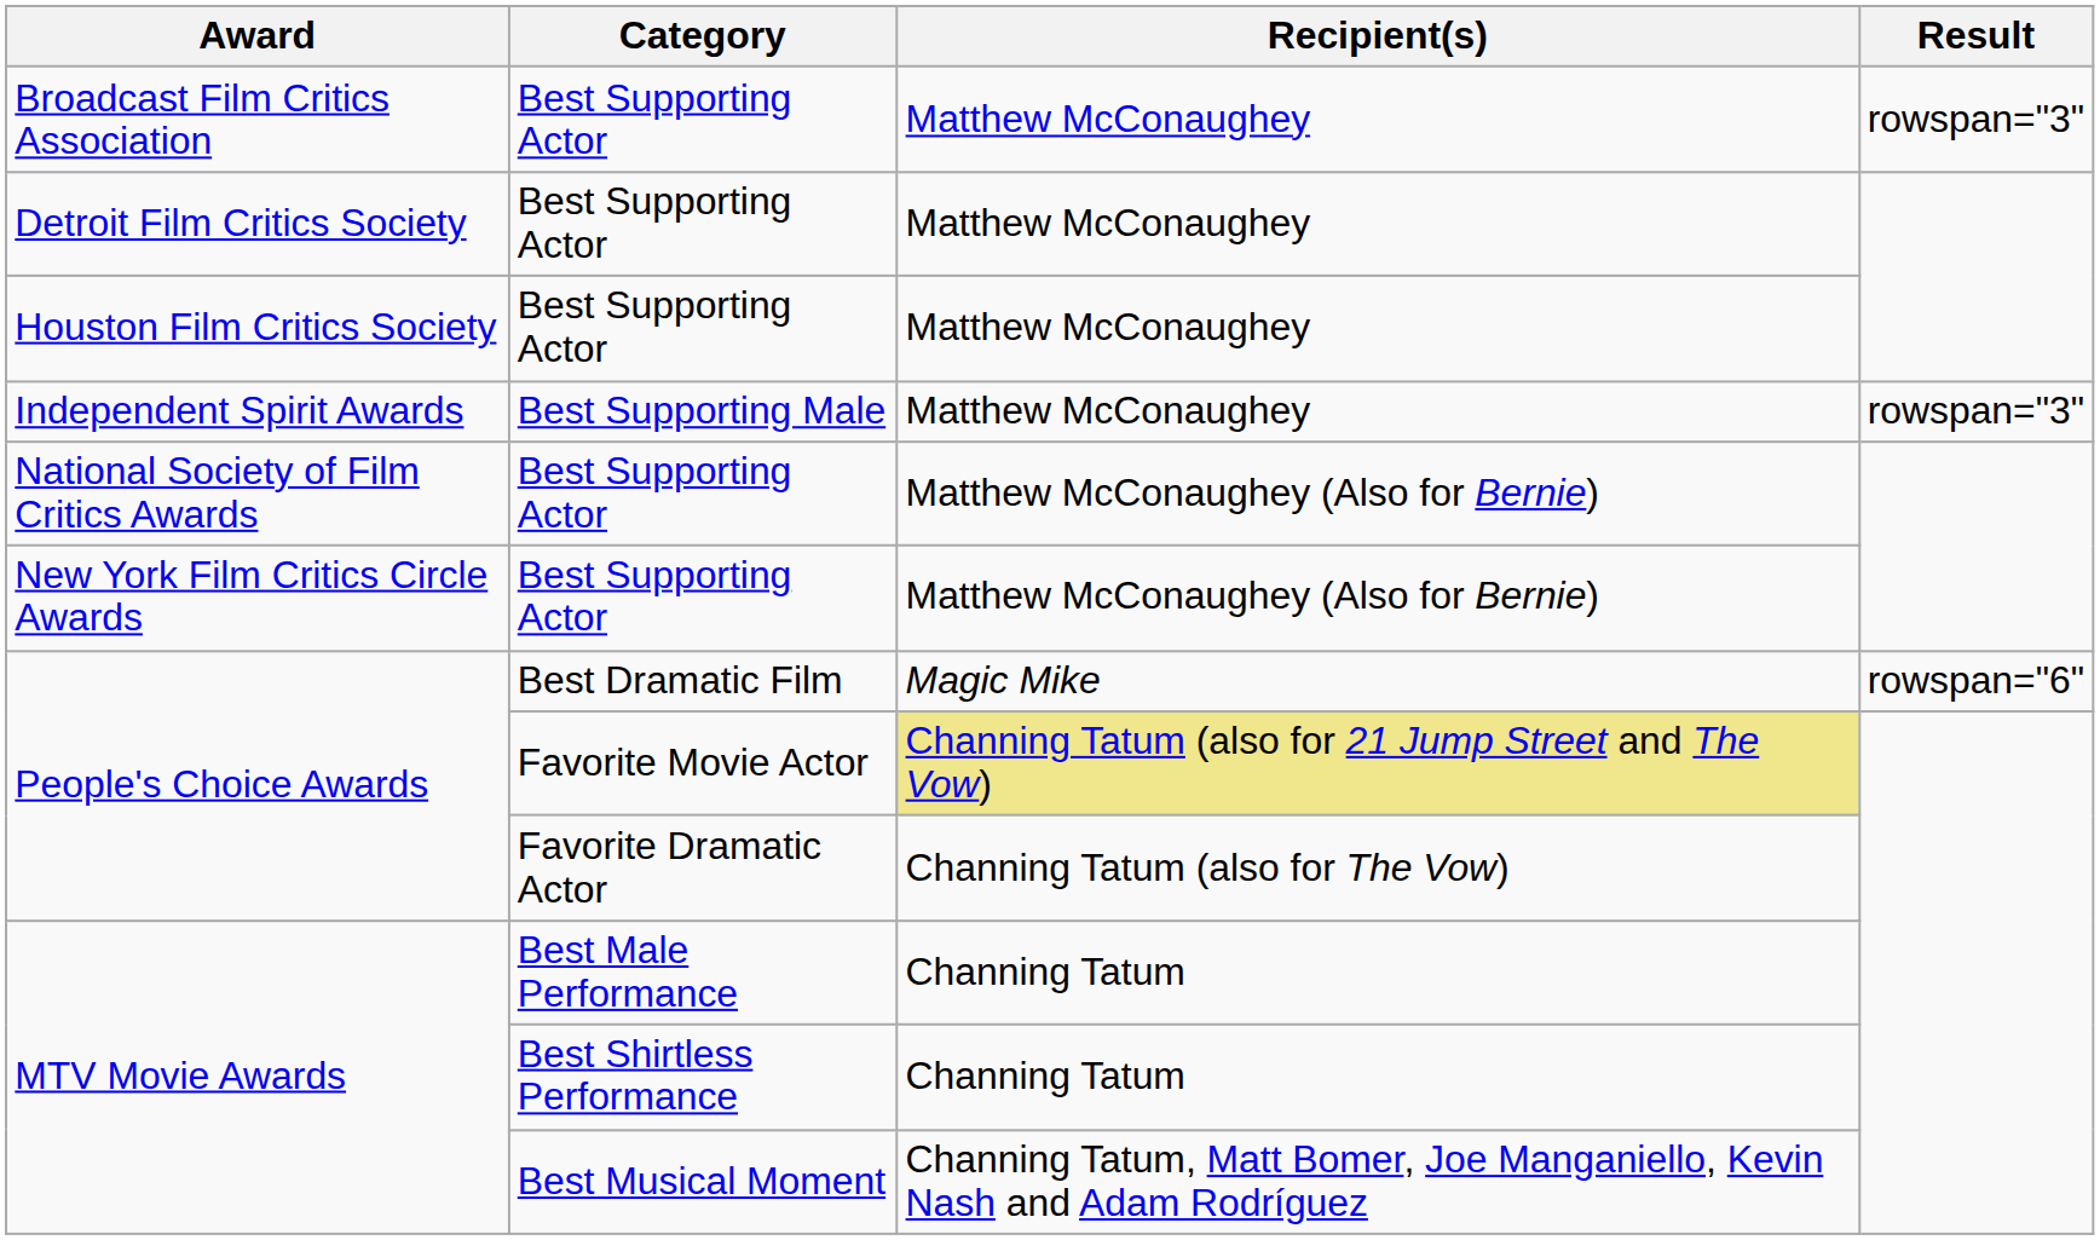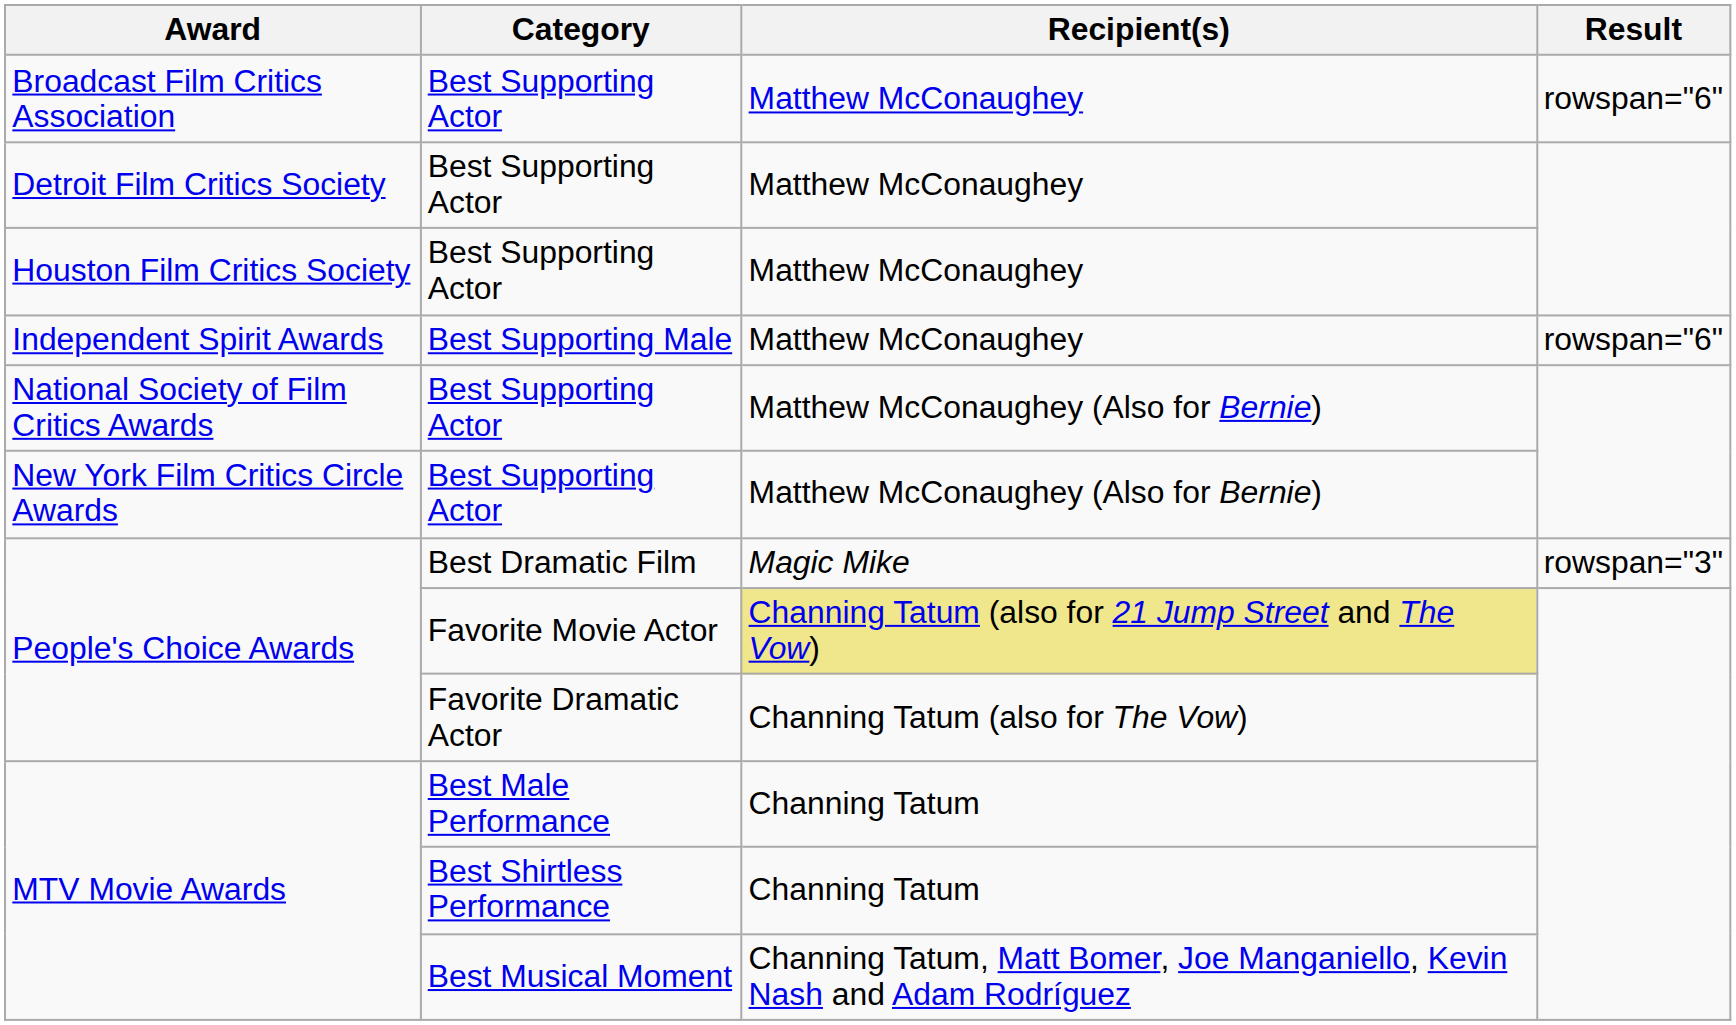 <table class="wikitable">
 <tr>
 <th>Award</th>
 <th>Category</th>
 <th>Recipient(s)</th>
 <th>Result</th>
 </tr>
 <tr>
 <td><a href='#'>Broadcast Film Critics Association</a></td>
 <td><a href='#'>Best Supporting Actor</a></td>
 <td><a href='#'>Matthew McConaughey</a></td>
-<td>rowspan="3" </td>
+<td>rowspan="6" </td>
 </tr>
 <tr>
 <td><a href='#'>Detroit Film Critics Society</a></td>
 <td>Best Supporting Actor</td>
 <td>Matthew McConaughey</td>
 </tr>
 <tr>
 <td><a href='#'>Houston Film Critics Society</a></td>
 <td>Best Supporting Actor</td>
 <td>Matthew McConaughey</td>
 </tr>
 <tr>
 <td><a href='#'>Independent Spirit Awards</a></td>
 <td><a href='#'>Best Supporting Male</a></td>
 <td>Matthew McConaughey</td>
-<td>rowspan="3" </td>
+<td>rowspan="6" </td>
 </tr>
 <tr>
 <td><a href='#'>National Society of Film Critics Awards</a></td>
 <td><a href='#'>Best Supporting Actor</a></td>
 <td>Matthew McConaughey (Also for <em><a href='#'>Bernie</a></em>)</td>
 </tr>
 <tr>
 <td><a href='#'>New York Film Critics Circle Awards</a></td>
 <td><a href='#'>Best Supporting Actor</a></td>
 <td>Matthew McConaughey (Also for <em>Bernie</em>)</td>
 </tr>
 <tr>
 <td rowspan="3"><a href='#'>People's Choice Awards</a></td>
 <td>Best Dramatic Film</td>
 <td><em>Magic Mike</em></td>
-<td>rowspan="6" </td>
+<td>rowspan="3" </td>
 </tr>
 <tr>
 <td>Favorite Movie Actor</td>
 <td style="background: khaki;"><a href='#'>Channing Tatum</a> (also for <em><a href='#'>21 Jump Street</a></em> and <em><a href='#'>The Vow</a></em>)</td>
 </tr>
 <tr>
 <td>Favorite Dramatic Actor</td>
 <td>Channing Tatum (also for <em>The Vow</em>)</td>
 </tr>
 <tr>
 <td rowspan="3"><a href='#'>MTV Movie Awards</a></td>
 <td><a href='#'>Best Male Performance</a></td>
 <td>Channing Tatum</td>
 </tr>
 <tr>
 <td><a href='#'>Best Shirtless Performance</a></td>
 <td>Channing Tatum</td>
 </tr>
 <tr>
 <td><a href='#'>Best Musical Moment</a></td>
 <td>Channing Tatum, <a href='#'>Matt Bomer</a>, <a href='#'>Joe Manganiello</a>, <a href='#'>Kevin Nash</a> and <a href='#'>Adam Rodríguez</a></td>
 </tr>
 </table>
